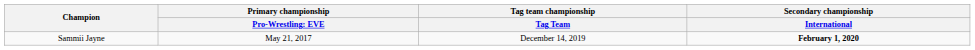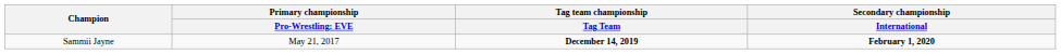 <table class="wikitable" style="font-size:85%; text-align:center; width:100%;">
 <tr>
 <th rowspan=2>Champion</th>
 <th>Primary championship</th>
 <th>Tag team championship</th>
 <th>Secondary championship</th>
 </tr>
 <tr>
 <th><a href='#'>Pro-Wrestling: EVE</a></th>
 <th><a href='#'>Tag Team</a></th>
 <th><a href='#'>International</a></th>
 </tr>
 <tr>
 <td>Sammii Jayne</td>
 <td>May 21, 2017</td>
-<td>December 14, 2019<br></td>
+<td><strong>December 14, 2019<br></strong></td>
 <td><strong>February 1, 2020</strong></td>
 </tr>
 </table>
